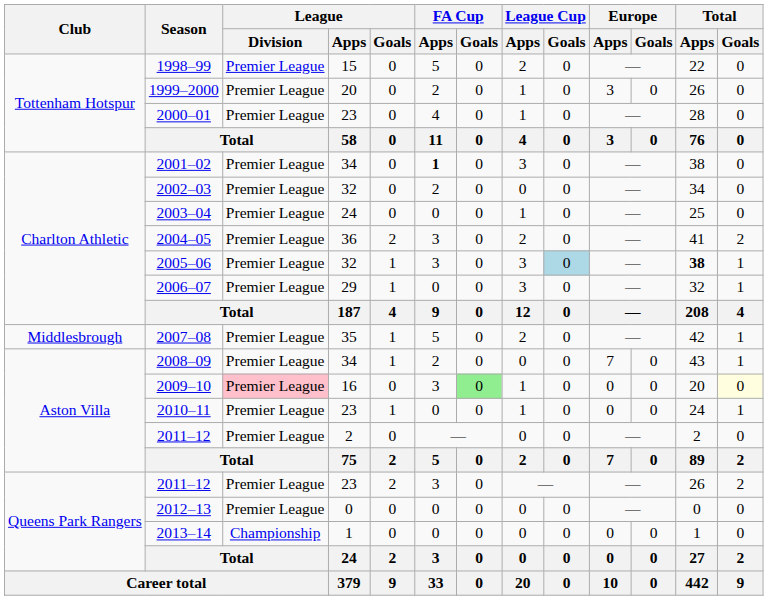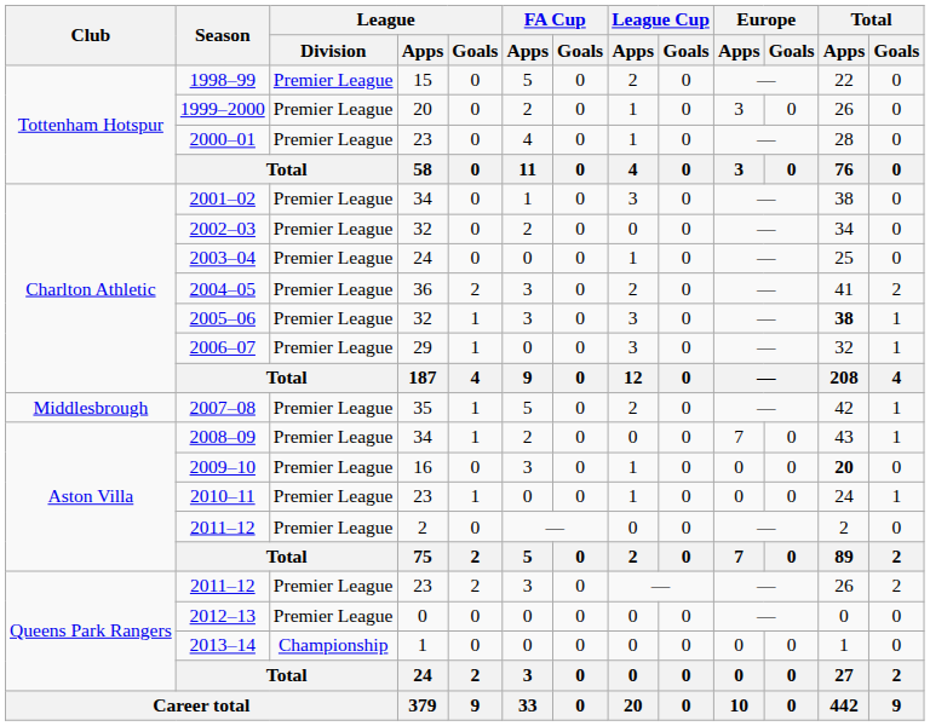 <table class=wikitable style="text-align: center;">
 <tr>
 <th rowspan="2">Club</th>
 <th rowspan="2">Season</th>
 <th colspan="3">League</th>
 <th colspan="2"><a href='#'>FA Cup</a></th>
 <th colspan="2"><a href='#'>League Cup</a></th>
 <th colspan="2">Europe</th>
 <th colspan="2">Total</th>
 </tr>
 <tr>
 <th>Division</th>
 <th>Apps</th>
 <th>Goals</th>
 <th>Apps</th>
 <th>Goals</th>
 <th>Apps</th>
 <th>Goals</th>
 <th>Apps</th>
 <th>Goals</th>
 <th>Apps</th>
 <th>Goals</th>
 </tr>
 <tr>
 <td rowspan="4"><a href='#'>Tottenham Hotspur</a></td>
 <td><a href='#'>1998–99</a></td>
 <td><a href='#'>Premier League</a></td>
 <td>15</td>
 <td>0</td>
 <td>5</td>
 <td>0</td>
 <td>2</td>
 <td>0</td>
 <td colspan="2">—</td>
 <td>22</td>
 <td>0</td>
 </tr>
 <tr>
 <td><a href='#'>1999–2000</a></td>
 <td>Premier League</td>
 <td>20</td>
 <td>0</td>
 <td>2</td>
 <td>0</td>
 <td>1</td>
 <td>0</td>
 <td>3</td>
 <td>0</td>
 <td>26</td>
 <td>0</td>
 </tr>
 <tr>
 <td><a href='#'>2000–01</a></td>
 <td>Premier League</td>
 <td>23</td>
 <td>0</td>
 <td>4</td>
 <td>0</td>
 <td>1</td>
 <td>0</td>
 <td colspan="2">—</td>
 <td>28</td>
 <td>0</td>
 </tr>
 <tr>
 <th colspan="2">Total</th>
 <th>58</th>
 <th>0</th>
 <th>11</th>
 <th>0</th>
 <th>4</th>
 <th>0</th>
 <th>3</th>
 <th>0</th>
 <th>76</th>
 <th>0</th>
 </tr>
 <tr>
 <td rowspan="7"><a href='#'>Charlton Athletic</a></td>
 <td><a href='#'>2001–02</a></td>
 <td>Premier League</td>
 <td>34</td>
 <td>0</td>
-<td><strong>1</strong></td>
+<td>1</td>
 <td>0</td>
 <td>3</td>
 <td>0</td>
 <td colspan="2">—</td>
 <td>38</td>
 <td>0</td>
 </tr>
 <tr>
 <td><a href='#'>2002–03</a></td>
 <td>Premier League</td>
 <td>32</td>
 <td>0</td>
 <td>2</td>
 <td>0</td>
 <td>0</td>
 <td>0</td>
 <td colspan="2">—</td>
 <td>34</td>
 <td>0</td>
 </tr>
 <tr>
 <td><a href='#'>2003–04</a></td>
 <td>Premier League</td>
 <td>24</td>
 <td>0</td>
 <td>0</td>
 <td>0</td>
 <td>1</td>
 <td>0</td>
 <td colspan="2">—</td>
 <td>25</td>
 <td>0</td>
 </tr>
 <tr>
 <td><a href='#'>2004–05</a></td>
 <td>Premier League</td>
 <td>36</td>
 <td>2</td>
 <td>3</td>
 <td>0</td>
 <td>2</td>
 <td>0</td>
 <td colspan="2">—</td>
 <td>41</td>
 <td>2</td>
 </tr>
 <tr>
 <td><a href='#'>2005–06</a></td>
 <td>Premier League</td>
 <td>32</td>
 <td>1</td>
 <td>3</td>
 <td>0</td>
 <td>3</td>
-<td style="background: lightblue;">0</td>
+<td>0</td>
 <td colspan="2">—</td>
 <td><strong>38</strong></td>
 <td>1</td>
 </tr>
 <tr>
 <td><a href='#'>2006–07</a></td>
 <td>Premier League</td>
 <td>29</td>
 <td>1</td>
 <td>0</td>
 <td>0</td>
 <td>3</td>
 <td>0</td>
 <td colspan="2">—</td>
 <td>32</td>
 <td>1</td>
 </tr>
 <tr>
 <th colspan="2">Total</th>
 <th>187</th>
 <th>4</th>
 <th>9</th>
 <th>0</th>
 <th>12</th>
 <th>0</th>
 <th colspan="2">—</th>
 <th>208</th>
 <th>4</th>
 </tr>
 <tr>
 <td><a href='#'>Middlesbrough</a></td>
 <td><a href='#'>2007–08</a></td>
 <td>Premier League</td>
 <td>35</td>
 <td>1</td>
 <td>5</td>
 <td>0</td>
 <td>2</td>
 <td>0</td>
 <td colspan="2">—</td>
 <td>42</td>
 <td>1</td>
 </tr>
 <tr>
 <td rowspan="5"><a href='#'>Aston Villa</a></td>
 <td><a href='#'>2008–09</a></td>
 <td>Premier League</td>
 <td>34</td>
 <td>1</td>
 <td>2</td>
 <td>0</td>
 <td>0</td>
 <td>0</td>
 <td>7</td>
 <td>0</td>
 <td>43</td>
 <td>1</td>
 </tr>
 <tr>
 <td><a href='#'>2009–10</a></td>
-<td style="background: pink;">Premier League</td>
+<td>Premier League</td>
 <td>16</td>
 <td>0</td>
 <td>3</td>
-<td style="background: lightgreen;">0</td>
+<td>0</td>
 <td>1</td>
 <td>0</td>
 <td>0</td>
 <td>0</td>
-<td>20</td>
-<td style="background: lightyellow;">0</td>
+<td><strong>20</strong></td>
+<td>0</td>
 </tr>
 <tr>
 <td><a href='#'>2010–11</a></td>
 <td>Premier League</td>
 <td>23</td>
 <td>1</td>
 <td>0</td>
 <td>0</td>
 <td>1</td>
 <td>0</td>
 <td>0</td>
 <td>0</td>
 <td>24</td>
 <td>1</td>
 </tr>
 <tr>
 <td><a href='#'>2011–12</a></td>
 <td>Premier League</td>
 <td>2</td>
 <td>0</td>
 <td colspan="2">—</td>
 <td>0</td>
 <td>0</td>
 <td colspan="2">—</td>
 <td>2</td>
 <td>0</td>
 </tr>
 <tr>
 <th colspan="2">Total</th>
 <th>75</th>
 <th>2</th>
 <th>5</th>
 <th>0</th>
 <th>2</th>
 <th>0</th>
 <th>7</th>
 <th>0</th>
 <th>89</th>
 <th>2</th>
 </tr>
 <tr>
 <td rowspan="4"><a href='#'>Queens Park Rangers</a></td>
 <td><a href='#'>2011–12</a></td>
 <td>Premier League</td>
 <td>23</td>
 <td>2</td>
 <td>3</td>
 <td>0</td>
 <td colspan="2">—</td>
 <td colspan="2">—</td>
 <td>26</td>
 <td>2</td>
 </tr>
 <tr>
 <td><a href='#'>2012–13</a></td>
 <td>Premier League</td>
 <td>0</td>
 <td>0</td>
 <td>0</td>
 <td>0</td>
 <td>0</td>
 <td>0</td>
 <td colspan="2">—</td>
 <td>0</td>
 <td>0</td>
 </tr>
 <tr>
 <td><a href='#'>2013–14</a></td>
 <td><a href='#'>Championship</a></td>
 <td>1</td>
 <td>0</td>
 <td>0</td>
 <td>0</td>
 <td>0</td>
 <td>0</td>
 <td>0</td>
 <td>0</td>
 <td>1</td>
 <td>0</td>
 </tr>
 <tr>
 <th colspan="2">Total</th>
 <th>24</th>
 <th>2</th>
 <th>3</th>
 <th>0</th>
 <th>0</th>
 <th>0</th>
 <th>0</th>
 <th>0</th>
 <th>27</th>
 <th>2</th>
 </tr>
 <tr>
 <th colspan="3">Career total</th>
 <th>379</th>
 <th>9</th>
 <th>33</th>
 <th>0</th>
 <th>20</th>
 <th>0</th>
 <th>10</th>
 <th>0</th>
 <th>442</th>
 <th>9</th>
 </tr>
 </table>
